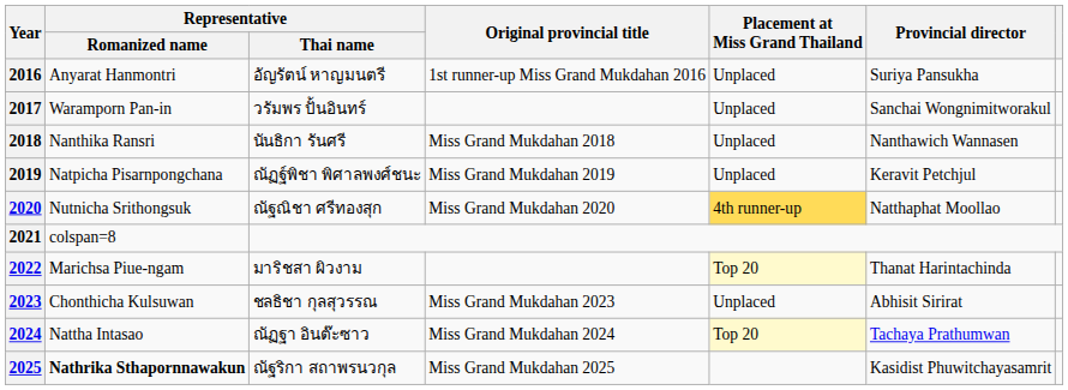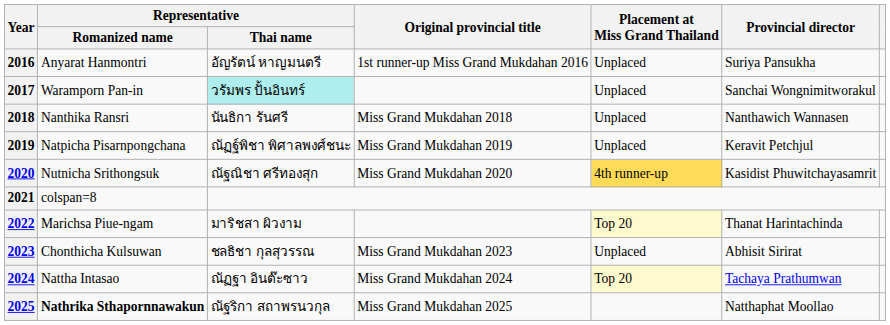 <table class="wikitable defaultcenter col2left col3left col6left" style="font-size:95%;">
 <tr>
 <th rowspan=2>Year</th>
 <th colspan=2>Representative</th>
 <th rowspan=2>Original provincial title</th>
 <th rowspan=2>Placement at<br>Miss Grand Thailand</th>
 <th rowspan=2>Provincial director</th>
 <th rowspan=2></th>
 </tr>
 <tr>
 <th>Romanized name</th>
 <th>Thai name</th>
 </tr>
 <tr>
 <th>2016</th>
 <td>Anyarat Hanmontri</td>
 <td>อัญรัตน์ หาญมนตรี</td>
 <td>1st runner-up Miss Grand Mukdahan 2016</td>
 <td>Unplaced</td>
 <td>Suriya Pansukha</td>
 <td></td>
 </tr>
 <tr>
 <th>2017</th>
 <td>Waramporn Pan-in</td>
-<td>วรัมพร ปั้นอินทร์</td>
+<td style="background: paleturquoise;">วรัมพร ปั้นอินทร์</td>
 <td></td>
 <td>Unplaced</td>
 <td>Sanchai Wongnimitworakul</td>
 <td></td>
 </tr>
 <tr>
 <th>2018</th>
 <td>Nanthika Ransri</td>
 <td>นันธิกา รันศรี</td>
 <td>Miss Grand Mukdahan 2018</td>
 <td>Unplaced</td>
 <td>Nanthawich Wannasen</td>
 <td></td>
 </tr>
 <tr>
 <th>2019</th>
 <td>Natpicha Pisarnpongchana</td>
 <td>ณัฏฐ์พิชา พิศาลพงศ์ชนะ</td>
 <td>Miss Grand Mukdahan 2019</td>
 <td>Unplaced</td>
 <td>Keravit Petchjul</td>
 <td></td>
 </tr>
 <tr>
 <th><a href='#'>2020</a></th>
 <td>Nutnicha Srithongsuk</td>
 <td>ณัฐณิชา ศรีทองสุก</td>
 <td>Miss Grand Mukdahan 2020</td>
 <td bgcolor=#FFDB58>4th runner-up</td>
-<td>Natthaphat Moollao</td>
+<td>Kasidist Phuwitchayasamrit</td>
 <td></td>
 </tr>
 <tr>
 <th>2021</th>
 <td>colspan=8 </td>
 </tr>
 <tr>
 <th><a href='#'>2022</a></th>
 <td>Marichsa Piue-ngam</td>
 <td>มาริชสา ผิวงาม</td>
 <td></td>
 <td bgcolor=#FFFACD>Top 20</td>
 <td>Thanat Harintachinda</td>
 <td></td>
 </tr>
 <tr>
 <th><a href='#'>2023</a></th>
 <td>Chonthicha Kulsuwan</td>
 <td>ชลธิชา กุลสุวรรณ</td>
 <td>Miss Grand Mukdahan 2023</td>
 <td>Unplaced</td>
 <td>Abhisit Sirirat</td>
 <td></td>
 </tr>
 <tr>
 <th><a href='#'>2024</a></th>
 <td>Nattha Intasao</td>
 <td>ณัฏฐา อินต๊ะซาว</td>
 <td>Miss Grand Mukdahan 2024</td>
 <td bgcolor=#FFFACD>Top 20</td>
 <td><a href='#'>Tachaya Prathumwan</a></td>
 <td></td>
 </tr>
 <tr>
 <th><a href='#'>2025</a></th>
 <td><strong>Nathrika Sthapornnawakun</strong></td>
 <td>ณัฐริกา สถาพรนวกุล</td>
 <td>Miss Grand Mukdahan 2025</td>
 <td></td>
-<td>Kasidist Phuwitchayasamrit</td>
+<td>Natthaphat Moollao</td>
 <td></td>
 </tr>
 </table>
